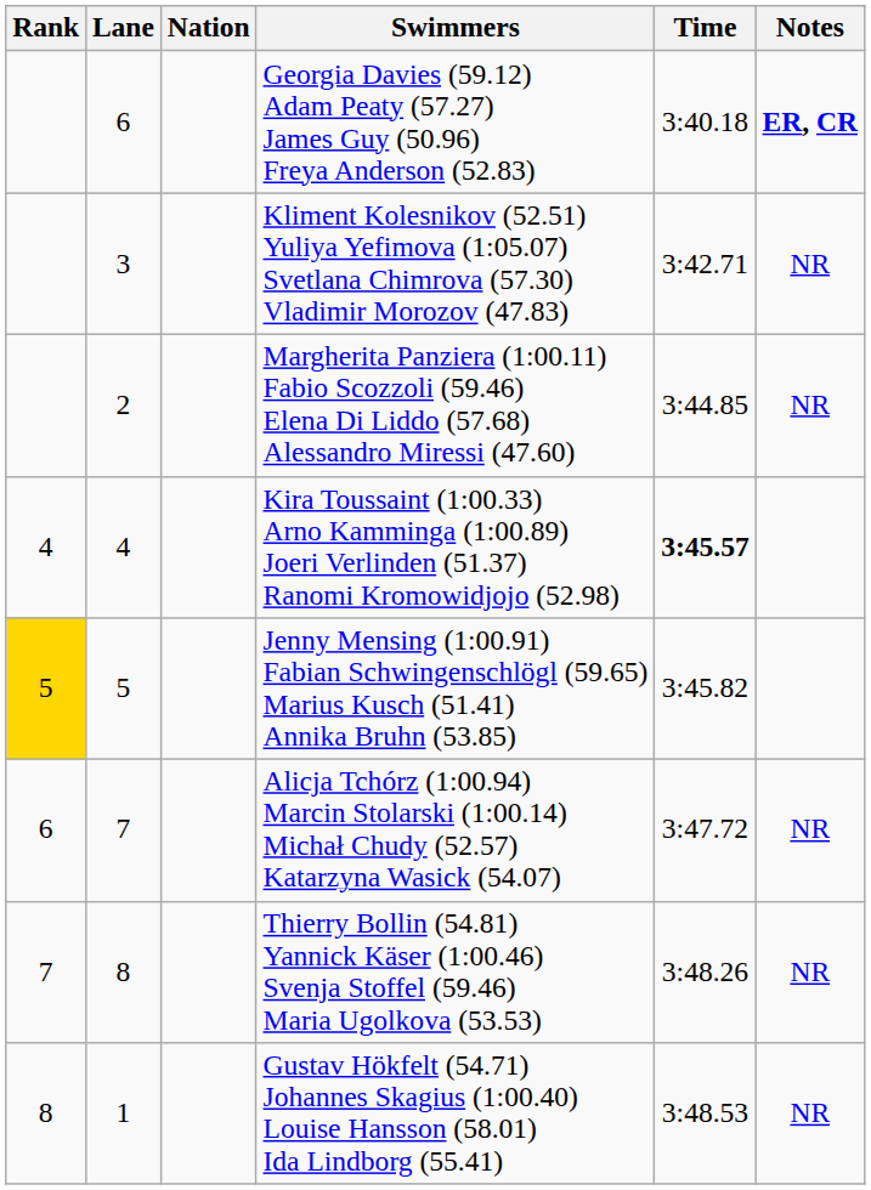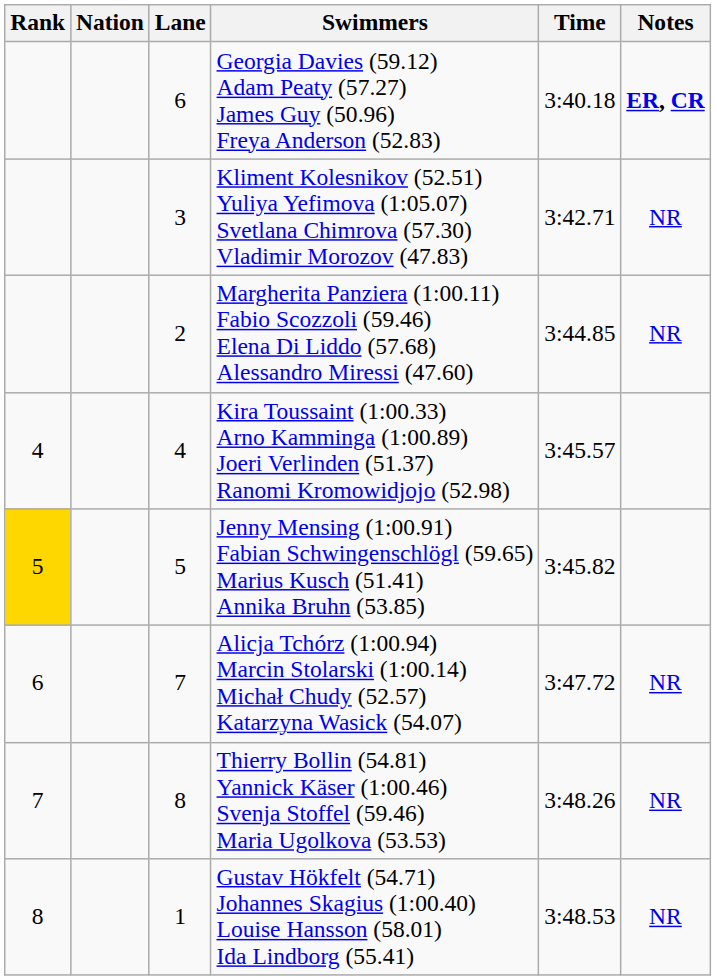 <table class="wikitable sortable" style="text-align:center">
 <tr>
 <th>Rank</th>
+<th>Nation</th>
 <th>Lane</th>
-<th>Nation</th>
 <th>Swimmers</th>
 <th>Time</th>
 <th>Notes</th>
 </tr>
 <tr>
 <td></td>
+<td align=left></td>
 <td>6</td>
-<td align=left></td>
 <td align=left><a href='#'>Georgia Davies</a> (59.12)<br><a href='#'>Adam Peaty</a> (57.27)<br><a href='#'>James Guy</a> (50.96)<br><a href='#'>Freya Anderson</a> (52.83)</td>
 <td>3:40.18</td>
 <td><strong><a href='#'>ER</a>, <a href='#'>CR</a></strong></td>
 </tr>
 <tr>
 <td></td>
+<td align=left></td>
 <td>3</td>
-<td align=left></td>
 <td align=left><a href='#'>Kliment Kolesnikov</a> (52.51)<br><a href='#'>Yuliya Yefimova</a> (1:05.07)<br><a href='#'>Svetlana Chimrova</a> (57.30)<br><a href='#'>Vladimir Morozov</a> (47.83)</td>
 <td>3:42.71</td>
 <td><a href='#'>NR</a></td>
 </tr>
 <tr>
 <td></td>
+<td align=left></td>
 <td>2</td>
-<td align=left></td>
 <td align=left><a href='#'>Margherita Panziera</a> (1:00.11)<br><a href='#'>Fabio Scozzoli</a> (59.46)<br><a href='#'>Elena Di Liddo</a> (57.68)<br><a href='#'>Alessandro Miressi</a> (47.60)</td>
 <td>3:44.85</td>
 <td><a href='#'>NR</a></td>
 </tr>
 <tr>
 <td>4</td>
+<td align=left></td>
 <td>4</td>
-<td align=left></td>
 <td align=left><a href='#'>Kira Toussaint</a> (1:00.33)<br><a href='#'>Arno Kamminga</a> (1:00.89)<br><a href='#'>Joeri Verlinden</a> (51.37)<br><a href='#'>Ranomi Kromowidjojo</a> (52.98)</td>
-<td><strong>3:45.57</strong></td>
+<td>3:45.57</td>
 <td></td>
 </tr>
 <tr>
 <td style="background: gold;">5</td>
+<td align=left></td>
 <td>5</td>
-<td align=left></td>
 <td align=left><a href='#'>Jenny Mensing</a> (1:00.91)<br><a href='#'>Fabian Schwingenschlögl</a> (59.65)<br><a href='#'>Marius Kusch</a> (51.41)<br><a href='#'>Annika Bruhn</a> (53.85)</td>
 <td>3:45.82</td>
 <td></td>
 </tr>
 <tr>
 <td>6</td>
+<td align=left></td>
 <td>7</td>
-<td align=left></td>
 <td align=left><a href='#'>Alicja Tchórz</a> (1:00.94)<br><a href='#'>Marcin Stolarski</a> (1:00.14)<br><a href='#'>Michał Chudy</a> (52.57)<br><a href='#'>Katarzyna Wasick</a> (54.07)</td>
 <td>3:47.72</td>
 <td><a href='#'>NR</a></td>
 </tr>
 <tr>
 <td>7</td>
+<td align=left></td>
 <td>8</td>
-<td align=left></td>
 <td align=left><a href='#'>Thierry Bollin</a> (54.81)<br><a href='#'>Yannick Käser</a> (1:00.46)<br><a href='#'>Svenja Stoffel</a> (59.46)<br><a href='#'>Maria Ugolkova</a> (53.53)</td>
 <td>3:48.26</td>
 <td><a href='#'>NR</a></td>
 </tr>
 <tr>
 <td>8</td>
+<td align=left></td>
 <td>1</td>
-<td align=left></td>
 <td align=left><a href='#'>Gustav Hökfelt</a> (54.71)<br><a href='#'>Johannes Skagius</a> (1:00.40)<br><a href='#'>Louise Hansson</a> (58.01)<br><a href='#'>Ida Lindborg</a> (55.41)</td>
 <td>3:48.53</td>
 <td><a href='#'>NR</a></td>
 </tr>
 </table>
